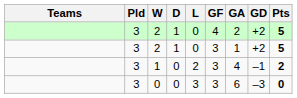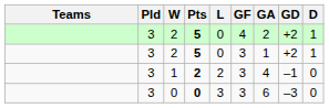 <table class="wikitable" style="text-align: center;">
 <tr>
 <th width=165>Teams</th>
 <th width=20>Pld</th>
 <th width=20>W</th>
-<th width=20>D</th>
+<th width=20>Pts</th>
 <th width=20>L</th>
 <th width=20>GF</th>
 <th width=20>GA</th>
 <th width=20>GD</th>
-<th width=20>Pts</th>
+<th width=20>D</th>
 </tr>
 <tr align=center style="background:#ccffcc;">
 <td style="text-align:left;"></td>
 <td>3</td>
 <td>2</td>
-<td>1</td>
+<td><strong>5</strong></td>
 <td>0</td>
 <td>4</td>
 <td>2</td>
 <td>+2</td>
-<td><strong>5</strong></td>
+<td>1</td>
 </tr>
 <tr align=center>
 <td style="text-align:left;"></td>
 <td>3</td>
 <td>2</td>
-<td>1</td>
+<td><strong>5</strong></td>
 <td>0</td>
 <td>3</td>
 <td>1</td>
 <td>+2</td>
-<td><strong>5</strong></td>
+<td>1</td>
 </tr>
 <tr align=center>
 <td style="text-align:left;"></td>
 <td>3</td>
 <td>1</td>
-<td>0</td>
+<td><strong>2</strong></td>
 <td>2</td>
 <td>3</td>
 <td>4</td>
 <td>–1</td>
-<td><strong>2</strong></td>
+<td>0</td>
 </tr>
 <tr align=center>
 <td style="text-align:left;"></td>
 <td>3</td>
 <td>0</td>
-<td>0</td>
+<td><strong>0</strong></td>
 <td>3</td>
 <td>3</td>
 <td>6</td>
 <td>–3</td>
-<td><strong>0</strong></td>
+<td>0</td>
 </tr>
 </table>
